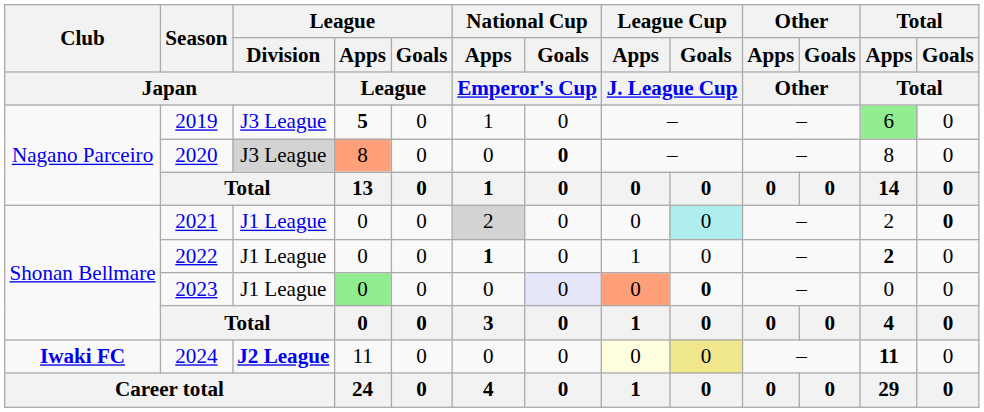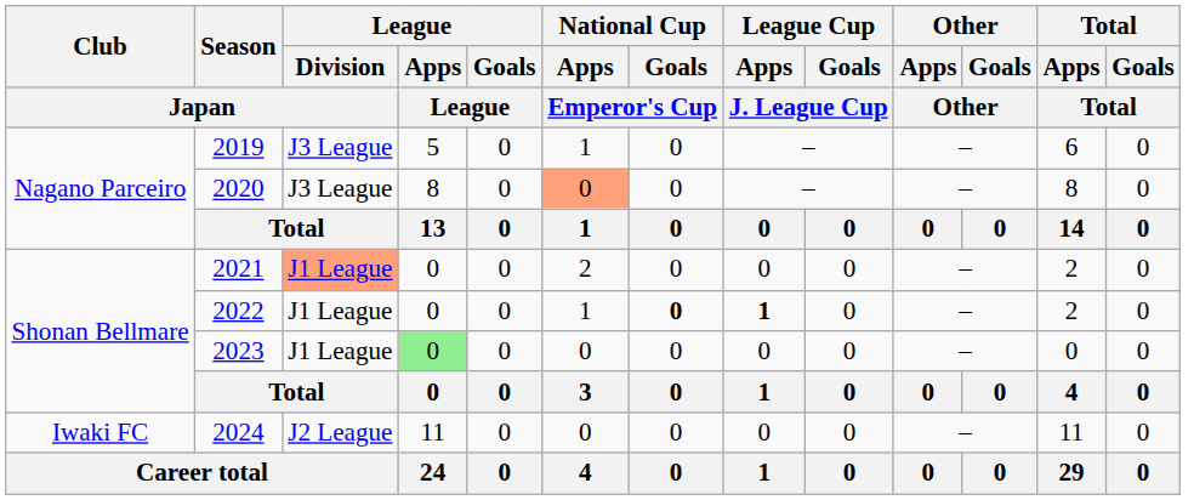 <table class="wikitable" style="text-align:center">
 <tr>
 <th rowspan=2>Club</th>
 <th rowspan=2>Season</th>
 <th colspan=3>League</th>
 <th colspan=2>National Cup</th>
 <th colspan=2>League Cup</th>
 <th colspan=2>Other</th>
 <th colspan=2>Total</th>
 </tr>
 <tr>
 <th>Division</th>
 <th>Apps</th>
 <th>Goals</th>
 <th>Apps</th>
 <th>Goals</th>
 <th>Apps</th>
 <th>Goals</th>
 <th>Apps</th>
 <th>Goals</th>
 <th>Apps</th>
 <th>Goals</th>
 </tr>
 <tr>
 <th colspan=3>Japan</th>
 <th colspan=2>League</th>
 <th colspan=2><a href='#'>Emperor's Cup</a></th>
 <th colspan=2><a href='#'>J. League Cup</a></th>
 <th colspan=2>Other</th>
 <th colspan=2>Total</th>
 </tr>
 <tr>
 <td rowspan="3"><a href='#'>Nagano Parceiro</a></td>
 <td><a href='#'>2019</a></td>
 <td><a href='#'>J3 League</a></td>
-<td><strong>5</strong></td>
+<td>5</td>
 <td>0</td>
 <td>1</td>
 <td>0</td>
 <td colspan="2">–</td>
 <td colspan="2">–</td>
-<td style="background: lightgreen;">6</td>
+<td>6</td>
 <td>0</td>
 </tr>
 <tr>
 <td><a href='#'>2020</a></td>
-<td style="background: lightgrey;">J3 League</td>
-<td style="background: lightsalmon;">8</td>
+<td>J3 League</td>
+<td>8</td>
 <td>0</td>
+<td style="background: lightsalmon;">0</td>
 <td>0</td>
-<td><strong>0</strong></td>
 <td colspan="2">–</td>
 <td colspan="2">–</td>
 <td>8</td>
 <td>0</td>
 </tr>
 <tr>
 <th colspan="2">Total</th>
 <th>13</th>
 <th>0</th>
 <th>1</th>
 <th>0</th>
 <th>0</th>
 <th>0</th>
 <th>0</th>
 <th>0</th>
 <th>14</th>
 <th>0</th>
 </tr>
 <tr>
 <td rowspan="4"><a href='#'>Shonan Bellmare</a></td>
 <td><a href='#'>2021</a></td>
-<td><a href='#'>J1 League</a></td>
+<td style="background: lightsalmon;"><a href='#'>J1 League</a></td>
 <td>0</td>
 <td>0</td>
-<td style="background: lightgrey;">2</td>
+<td>2</td>
 <td>0</td>
 <td>0</td>
-<td style="background: paleturquoise;">0</td>
+<td>0</td>
 <td colspan="2">–</td>
 <td>2</td>
-<td><strong>0</strong></td>
+<td>0</td>
 </tr>
 <tr>
 <td><a href='#'>2022</a></td>
 <td>J1 League</td>
 <td>0</td>
 <td>0</td>
+<td>1</td>
+<td><strong>0</strong></td>
 <td><strong>1</strong></td>
 <td>0</td>
-<td>1</td>
-<td>0</td>
 <td colspan="2">–</td>
-<td><strong>2</strong></td>
+<td>2</td>
 <td>0</td>
 </tr>
 <tr>
 <td><a href='#'>2023</a></td>
 <td>J1 League</td>
 <td style="background: lightgreen;">0</td>
 <td>0</td>
 <td>0</td>
-<td style="background: lavender;">0</td>
-<td style="background: lightsalmon;">0</td>
-<td><strong>0</strong></td>
+<td>0</td>
+<td>0</td>
+<td>0</td>
 <td colspan="2">–</td>
 <td>0</td>
 <td>0</td>
 </tr>
 <tr>
 <th colspan="2">Total</th>
 <th>0</th>
 <th>0</th>
 <th>3</th>
 <th>0</th>
 <th>1</th>
 <th>0</th>
 <th>0</th>
 <th>0</th>
 <th>4</th>
 <th>0</th>
 </tr>
 <tr>
-<td><strong><a href='#'>Iwaki FC</a></strong></td>
+<td><a href='#'>Iwaki FC</a></td>
 <td><a href='#'>2024</a></td>
-<td><strong><a href='#'>J2 League</a></strong></td>
+<td><a href='#'>J2 League</a></td>
 <td>11</td>
 <td>0</td>
 <td>0</td>
 <td>0</td>
-<td style="background: lightyellow;">0</td>
-<td style="background: khaki;">0</td>
+<td>0</td>
+<td>0</td>
 <td colspan="2">–</td>
-<td><strong>11</strong></td>
+<td>11</td>
 <td>0</td>
 </tr>
 <tr>
 <th colspan=3>Career total</th>
 <th>24</th>
 <th>0</th>
 <th>4</th>
 <th>0</th>
 <th>1</th>
 <th>0</th>
 <th>0</th>
 <th>0</th>
 <th>29</th>
 <th>0</th>
 </tr>
 </table>
